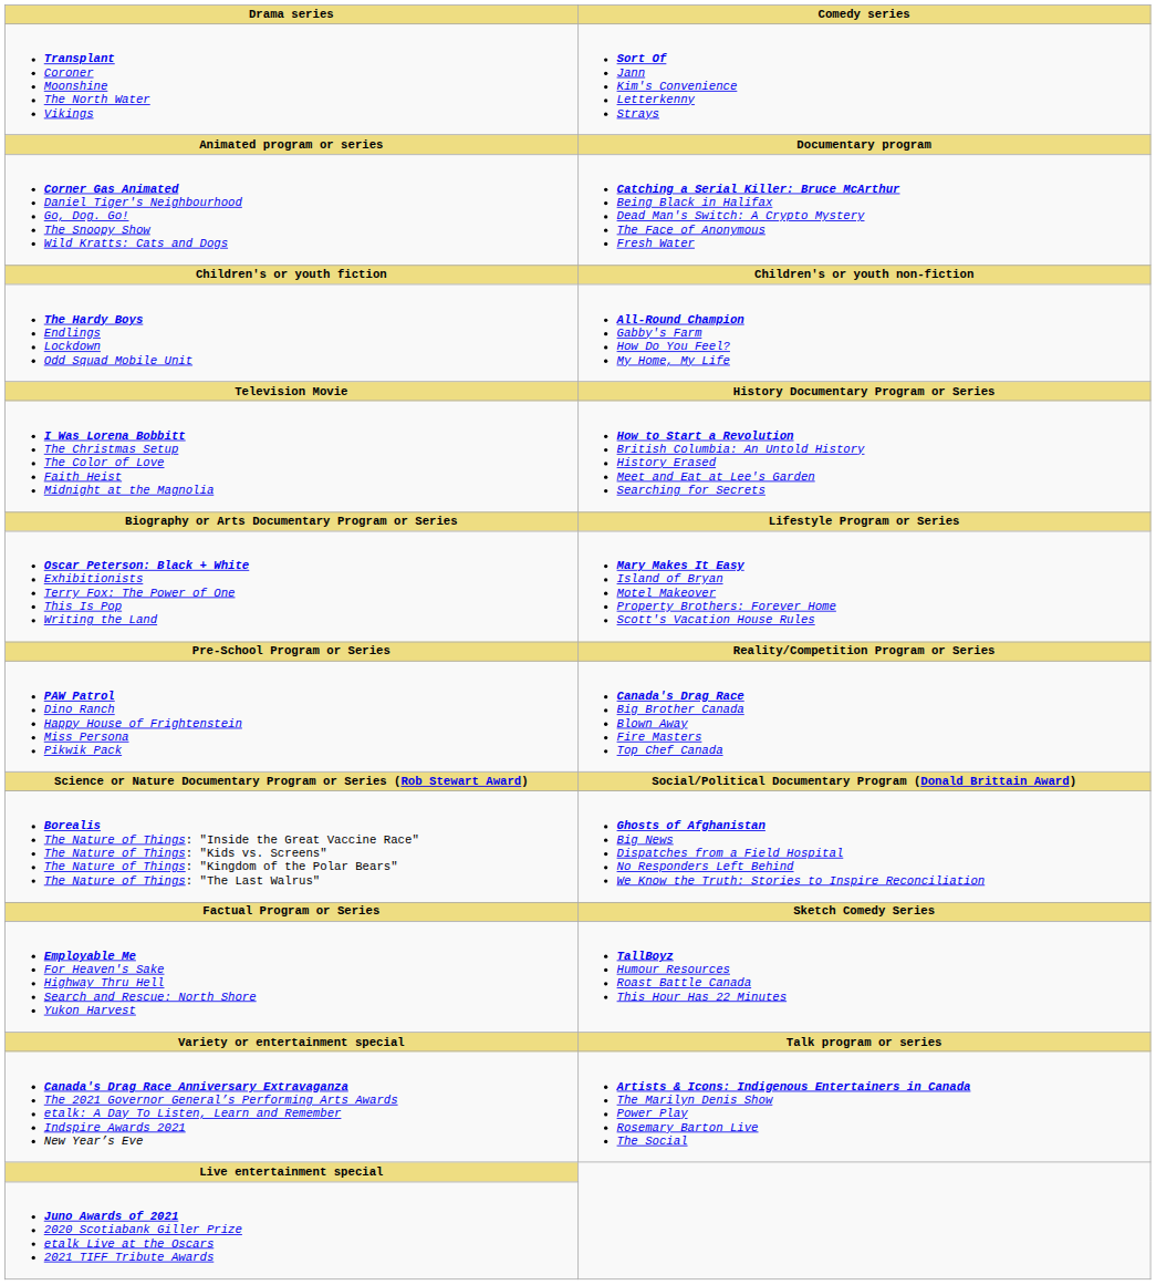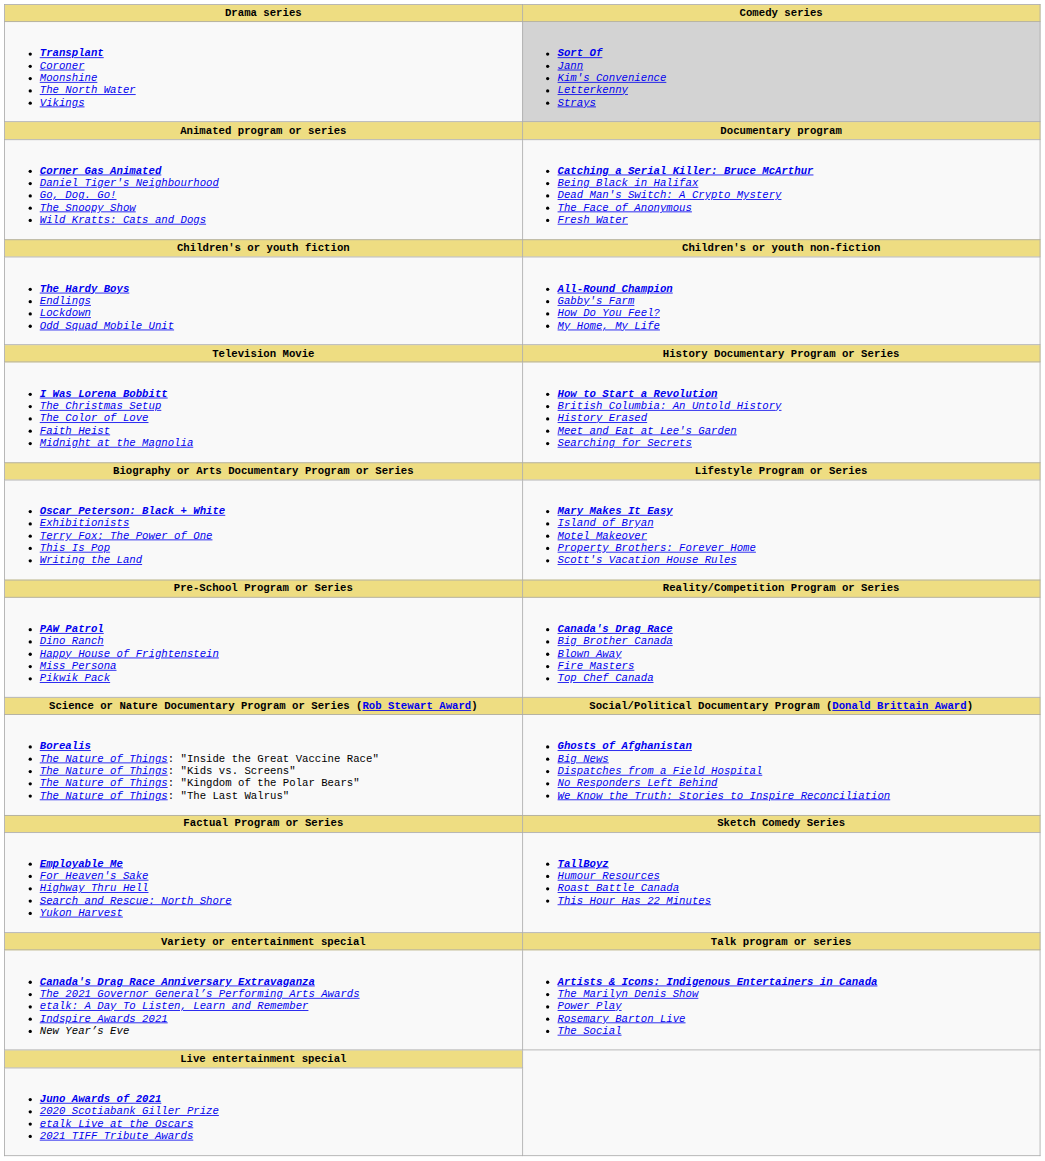 <table class=wikitable width="100%">
 <tr>
 <th style="background:#EEDD82; width:50%">Drama series</th>
 <th style="background:#EEDD82; width:50%">Comedy series</th>
 </tr>
 <tr>
 <td valign="top"><br><ul><li> <strong><em><a href='#'>Transplant</a></em></strong></li><li><em><a href='#'>Coroner</a></em></li><li><em><a href='#'>Moonshine</a></em></li><li><em><a href='#'>The North Water</a></em></li><li><em><a href='#'>Vikings</a></em></li></ul></td>
-<td valign="top"><br><ul><li> <strong><em><a href='#'>Sort Of</a></em></strong></li><li><em><a href='#'>Jann</a></em></li><li><em><a href='#'>Kim's Convenience</a></em></li><li><em><a href='#'>Letterkenny</a></em></li><li><em><a href='#'>Strays</a></em></li></ul></td>
+<td valign="top" style="background: lightgrey;"><br><ul><li> <strong><em><a href='#'>Sort Of</a></em></strong></li><li><em><a href='#'>Jann</a></em></li><li><em><a href='#'>Kim's Convenience</a></em></li><li><em><a href='#'>Letterkenny</a></em></li><li><em><a href='#'>Strays</a></em></li></ul></td>
 </tr>
 <tr>
 <th style="background:#EEDD82; width:50%">Animated program or series</th>
 <th style="background:#EEDD82; width:50%">Documentary program</th>
 </tr>
 <tr>
 <td valign="top"><br><ul><li> <strong><em><a href='#'>Corner Gas Animated</a></em></strong></li><li><em><a href='#'>Daniel Tiger's Neighbourhood</a></em></li><li><em><a href='#'>Go, Dog. Go!</a></em></li><li><em><a href='#'>The Snoopy Show</a></em></li><li><em><a href='#'>Wild Kratts: Cats and Dogs</a></em></li></ul></td>
 <td valign="top"><br><ul><li> <strong><em><a href='#'>Catching a Serial Killer: Bruce McArthur</a></em></strong></li><li><em><a href='#'>Being Black in Halifax</a></em></li><li><em><a href='#'>Dead Man's Switch: A Crypto Mystery</a></em></li><li><em><a href='#'>The Face of Anonymous</a></em></li><li><em><a href='#'>Fresh Water</a></em></li></ul></td>
 </tr>
 <tr>
 <th style="background:#EEDD82; width:50%">Children's or youth fiction</th>
 <th style="background:#EEDD82; width:50%">Children's or youth non-fiction</th>
 </tr>
 <tr>
 <td valign="top"><br><ul><li> <strong><em><a href='#'>The Hardy Boys</a></em></strong></li><li><em><a href='#'>Endlings</a></em></li><li><em><a href='#'>Lockdown</a></em></li><li><em><a href='#'>Odd Squad Mobile Unit</a></em></li></ul></td>
 <td valign="top"><br><ul><li> <strong><em><a href='#'>All-Round Champion</a></em></strong></li><li><em><a href='#'>Gabby's Farm</a></em></li><li><em><a href='#'>How Do You Feel?</a></em></li><li><em><a href='#'>My Home, My Life</a></em></li></ul></td>
 </tr>
 <tr>
 <th style="background:#EEDD82; width:50%">Television Movie</th>
 <th style="background:#EEDD82; width:50%">History Documentary Program or Series</th>
 </tr>
 <tr>
 <td valign="top"><br><ul><li> <strong><em><a href='#'>I Was Lorena Bobbitt</a></em></strong></li><li><em><a href='#'>The Christmas Setup</a></em></li><li><em><a href='#'>The Color of Love</a></em></li><li><em><a href='#'>Faith Heist</a></em></li><li><em><a href='#'>Midnight at the Magnolia</a></em></li></ul></td>
 <td valign="top"><br><ul><li> <strong><em><a href='#'>How to Start a Revolution</a></em></strong></li><li><em><a href='#'>British Columbia: An Untold History</a></em></li><li><em><a href='#'>History Erased</a></em></li><li><em><a href='#'>Meet and Eat at Lee's Garden</a></em></li><li><em><a href='#'>Searching for Secrets</a></em></li></ul></td>
 </tr>
 <tr>
 <th style="background:#EEDD82; width:50%">Biography or Arts Documentary Program or Series</th>
 <th style="background:#EEDD82; width:50%">Lifestyle Program or Series</th>
 </tr>
 <tr>
 <td valign="top"><br><ul><li> <strong><em><a href='#'>Oscar Peterson: Black + White</a></em></strong></li><li><em><a href='#'>Exhibitionists</a></em></li><li><em><a href='#'>Terry Fox: The Power of One</a></em></li><li><em><a href='#'>This Is Pop</a></em></li><li><em><a href='#'>Writing the Land</a></em></li></ul></td>
 <td valign="top"><br><ul><li> <strong><em><a href='#'>Mary Makes It Easy</a></em></strong></li><li><em><a href='#'>Island of Bryan</a></em></li><li><em><a href='#'>Motel Makeover</a></em></li><li><em><a href='#'>Property Brothers: Forever Home</a></em></li><li><em><a href='#'>Scott's Vacation House Rules</a></em></li></ul></td>
 </tr>
 <tr>
 <th style="background:#EEDD82; width:50%">Pre-School Program or Series</th>
 <th style="background:#EEDD82; width:50%">Reality/Competition Program or Series</th>
 </tr>
 <tr>
 <td valign="top"><br><ul><li> <strong><em><a href='#'>PAW Patrol</a></em></strong></li><li><em><a href='#'>Dino Ranch</a></em></li><li><em><a href='#'>Happy House of Frightenstein</a></em></li><li><em><a href='#'>Miss Persona</a></em></li><li><em><a href='#'>Pikwik Pack</a></em></li></ul></td>
 <td valign="top"><br><ul><li> <strong><em><a href='#'>Canada's Drag Race</a></em></strong></li><li><em><a href='#'>Big Brother Canada</a></em></li><li><em><a href='#'>Blown Away</a></em></li><li><em><a href='#'>Fire Masters</a></em></li><li><em><a href='#'>Top Chef Canada</a></em></li></ul></td>
 </tr>
 <tr>
 <th style="background:#EEDD82; width:50%">Science or Nature Documentary Program or Series (<a href='#'>Rob Stewart Award</a>)</th>
 <th style="background:#EEDD82; width:50%">Social/Political Documentary Program (<a href='#'>Donald Brittain Award</a>)</th>
 </tr>
 <tr>
 <td valign="top"><br><ul><li> <strong><em><a href='#'>Borealis</a></em></strong></li><li><em><a href='#'>The Nature of Things</a></em>: "Inside the Great Vaccine Race"</li><li><em><a href='#'>The Nature of Things</a></em>: "Kids vs. Screens"</li><li><em><a href='#'>The Nature of Things</a></em>: "Kingdom of the Polar Bears"</li><li><em><a href='#'>The Nature of Things</a></em>: "The Last Walrus"</li></ul></td>
 <td valign="top"><br><ul><li> <strong><em><a href='#'>Ghosts of Afghanistan</a></em></strong></li><li><em><a href='#'>Big News</a></em></li><li><em><a href='#'>Dispatches from a Field Hospital</a></em></li><li><em><a href='#'>No Responders Left Behind</a></em></li><li><em><a href='#'>We Know the Truth: Stories to Inspire Reconciliation</a></em></li></ul></td>
 </tr>
 <tr>
 <th style="background:#EEDD82; width:50%">Factual Program or Series</th>
 <th style="background:#EEDD82; width:50%">Sketch Comedy Series</th>
 </tr>
 <tr>
 <td valign="top"><br><ul><li> <strong><em><a href='#'>Employable Me</a></em></strong></li><li><em><a href='#'>For Heaven's Sake</a></em></li><li><em><a href='#'>Highway Thru Hell</a></em></li><li><em><a href='#'>Search and Rescue: North Shore</a></em></li><li><em><a href='#'>Yukon Harvest</a></em></li></ul></td>
 <td valign="top"><br><ul><li> <strong><em><a href='#'>TallBoyz</a></em></strong></li><li><em><a href='#'>Humour Resources</a></em></li><li><em><a href='#'>Roast Battle Canada</a></em></li><li><em><a href='#'>This Hour Has 22 Minutes</a></em></li></ul></td>
 </tr>
 <tr>
 <th style="background:#EEDD82; width:50%">Variety or entertainment special</th>
 <th style="background:#EEDD82; width:50%">Talk program or series</th>
 </tr>
 <tr>
 <td valign="top"><br><ul><li> <strong><em><a href='#'>Canada's Drag Race Anniversary Extravaganza</a></em></strong></li><li><em><a href='#'>The 2021 Governor General’s Performing Arts Awards</a></em></li><li><em><a href='#'>etalk: A Day To Listen, Learn and Remember</a></em></li><li><em><a href='#'>Indspire Awards 2021</a></em></li><li><em>New Year’s Eve</em></li></ul></td>
 <td valign="top"><br><ul><li> <strong><em><a href='#'>Artists & Icons: Indigenous Entertainers in Canada</a></em></strong></li><li><em><a href='#'>The Marilyn Denis Show</a></em></li><li><em><a href='#'>Power Play</a></em></li><li><em><a href='#'>Rosemary Barton Live</a></em></li><li><em><a href='#'>The Social</a></em></li></ul></td>
 </tr>
 <tr>
 <th style="background:#EEDD82; width:50%">Live entertainment special</th>
 </tr>
 <tr>
 <td valign="top"><br><ul><li> <strong><em><a href='#'>Juno Awards of 2021</a></em></strong></li><li><em><a href='#'>2020 Scotiabank Giller Prize</a></em></li><li><em><a href='#'>etalk Live at the Oscars</a></em></li><li><em><a href='#'>2021 TIFF Tribute Awards</a></em></li></ul></td>
 </tr>
 </table>
